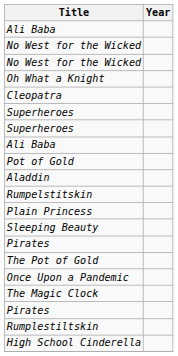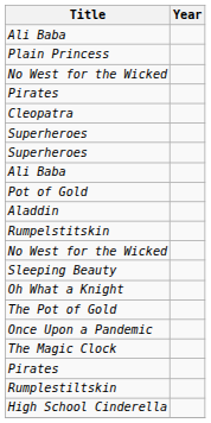 <table class="wikitable sortable">
 <tr>
 <th>Title</th>
 <th>Year</th>
 </tr>
 <tr>
 <td><em>Ali Baba</em></td>
 <td></td>
 </tr>
 <tr>
-<td><em>No West for the Wicked</em></td>
+<td><em>Plain Princess</em></td>
 <td></td>
 </tr>
 <tr>
 <td><em>No West for the Wicked</em></td>
 <td></td>
 </tr>
 <tr>
-<td><em>Oh What a Knight</em></td>
+<td><em>Pirates</em></td>
 <td></td>
 </tr>
 <tr>
 <td><em>Cleopatra</em></td>
 <td></td>
 </tr>
 <tr>
 <td><em>Superheroes</em></td>
 <td></td>
 </tr>
 <tr>
 <td><em>Superheroes</em></td>
 <td></td>
 </tr>
 <tr>
 <td><em>Ali Baba</em></td>
 <td></td>
 </tr>
 <tr>
 <td><em>Pot of Gold</em></td>
 <td></td>
 </tr>
 <tr>
 <td><em>Aladdin</em></td>
 <td></td>
 </tr>
 <tr>
 <td><em>Rumpelstitskin</em></td>
 <td></td>
 </tr>
 <tr>
-<td><em>Plain Princess</em></td>
+<td><em>No West for the Wicked</em></td>
 <td></td>
 </tr>
 <tr>
 <td><em>Sleeping Beauty</em></td>
 <td></td>
 </tr>
 <tr>
-<td><em>Pirates</em></td>
+<td><em>Oh What a Knight</em></td>
 <td></td>
 </tr>
 <tr>
 <td><em>The Pot of Gold</em></td>
 <td></td>
 </tr>
 <tr>
 <td><em>Once Upon a Pandemic</em></td>
 <td></td>
 </tr>
 <tr>
 <td><em>The Magic Clock</em></td>
 <td></td>
 </tr>
 <tr>
 <td><em>Pirates</em></td>
 <td></td>
 </tr>
 <tr>
 <td><em>Rumplestiltskin</em></td>
 <td></td>
 </tr>
 <tr>
 <td><em>High School Cinderella</em></td>
 <td></td>
 </tr>
 <tr>
 </tr>
 </table>
